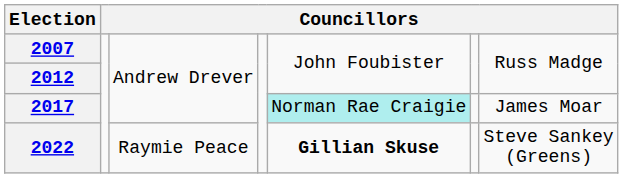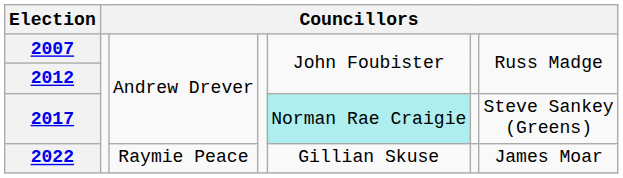 <table class="wikitable" style="text-align:center">
 <tr>
 <th>Election</th>
 <th colspan=8>Councillors</th>
 </tr>
 <tr>
 <th><a href='#'>2007</a></th>
 <td rowspan=4; style="background-color: "></td>
 <td rowspan=3>Andrew Drever</td>
 <td rowspan=4; style="background-color: "></td>
 <td rowspan=2>John Foubister</td>
 <td rowspan=2; style="background-color: "></td>
 <td rowspan=2>Russ Madge</td>
 </tr>
 <tr>
 <th><a href='#'>2012</a></th>
 </tr>
 <tr>
 <th><a href='#'>2017</a></th>
 <td rowspan=1 style="background: paleturquoise;">Norman Rae Craigie</td>
 <td rowspan=1; style="background-color: "></td>
-<td rowspan=1>James Moar</td>
+<td rowspan=1>Steve Sankey<br>(Greens)</td>
 </tr>
 <tr>
 <th><a href='#'>2022</a></th>
 <td>Raymie Peace</td>
-<td><strong>Gillian Skuse</strong></td>
+<td>Gillian Skuse</td>
 <td rowspan=1; style="background-color: "></td>
-<td rowspan=1>Steve Sankey<br>(Greens)</td>
+<td rowspan=1>James Moar</td>
 </tr>
 </table>
